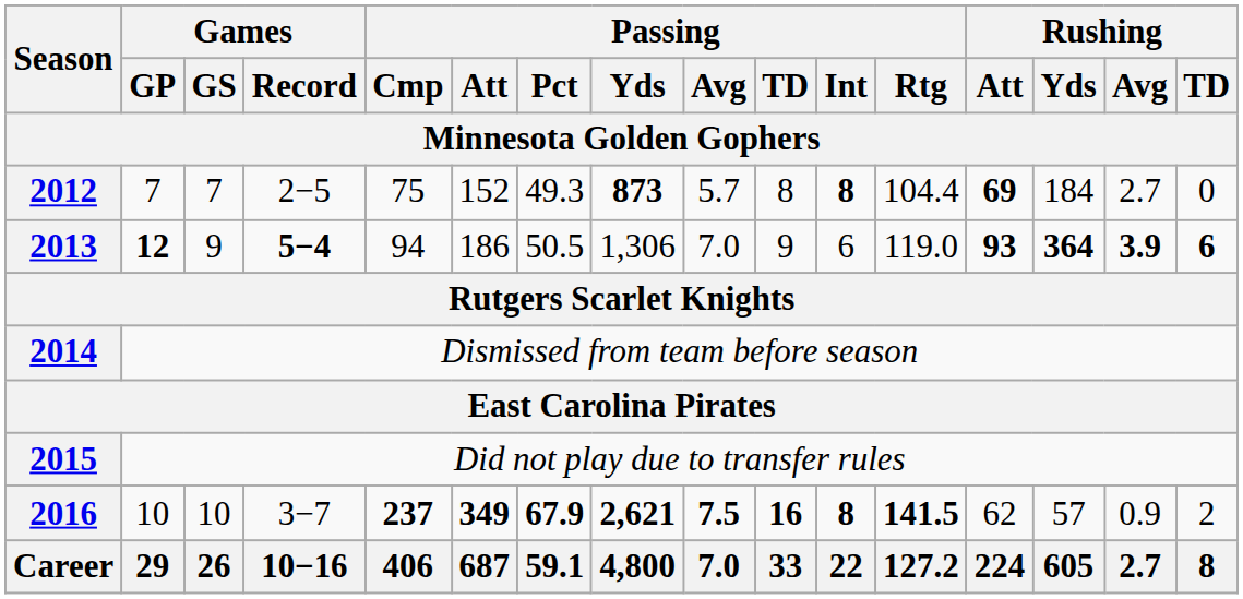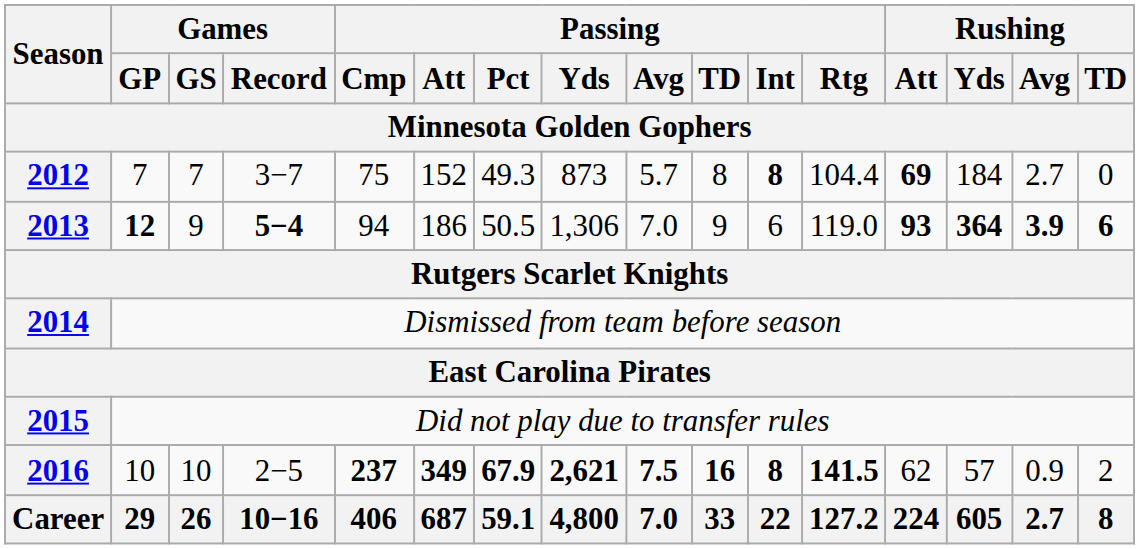 <table class="wikitable" style="text-align:center;">
 <tr>
 <th rowspan="2">Season</th>
 <th colspan="3">Games</th>
 <th colspan="8">Passing</th>
 <th colspan="5">Rushing</th>
 </tr>
 <tr>
 <th>GP</th>
 <th>GS</th>
 <th>Record</th>
 <th>Cmp</th>
 <th>Att</th>
 <th>Pct</th>
 <th>Yds</th>
 <th>Avg</th>
 <th>TD</th>
 <th>Int</th>
 <th>Rtg</th>
 <th>Att</th>
 <th>Yds</th>
 <th>Avg</th>
 <th>TD</th>
 </tr>
 <tr>
 <th colspan="16">Minnesota Golden Gophers</th>
 </tr>
 <tr>
 <th><a href='#'>2012</a></th>
 <td>7</td>
 <td>7</td>
-<td>2−5</td>
+<td>3−7</td>
 <td>75</td>
 <td>152</td>
 <td>49.3</td>
-<td><strong>873</strong></td>
+<td>873</td>
 <td>5.7</td>
 <td>8</td>
 <td><strong>8</strong></td>
 <td>104.4</td>
 <td><strong>69</strong></td>
 <td>184</td>
 <td>2.7</td>
 <td>0</td>
 </tr>
 <tr>
 <th><a href='#'>2013</a></th>
 <td><strong>12</strong></td>
 <td>9</td>
 <td><strong>5−4</strong></td>
 <td>94</td>
 <td>186</td>
 <td>50.5</td>
 <td>1,306</td>
 <td>7.0</td>
 <td>9</td>
 <td>6</td>
 <td>119.0</td>
 <td><strong>93</strong></td>
 <td><strong>364</strong></td>
 <td><strong>3.9</strong></td>
 <td><strong>6</strong></td>
 </tr>
 <tr>
 <th colspan="16">Rutgers Scarlet Knights</th>
 </tr>
 <tr>
 <th><a href='#'>2014</a></th>
 <td colspan="15"><em>Dismissed from team before season</em></td>
 </tr>
 <tr>
 <th colspan="16">East Carolina Pirates</th>
 </tr>
 <tr>
 <th><a href='#'>2015</a></th>
 <td colspan="15"><em>Did not play due to transfer rules</em></td>
 </tr>
 <tr>
 <th><a href='#'>2016</a></th>
 <td>10</td>
 <td>10</td>
-<td>3−7</td>
+<td>2−5</td>
 <td><strong>237</strong></td>
 <td><strong>349</strong></td>
 <td><strong>67.9</strong></td>
 <td><strong>2,621</strong></td>
 <td><strong>7.5</strong></td>
 <td><strong>16</strong></td>
 <td><strong>8</strong></td>
 <td><strong>141.5</strong></td>
 <td>62</td>
 <td>57</td>
 <td>0.9</td>
 <td>2</td>
 </tr>
 <tr>
 <th>Career</th>
 <th>29</th>
 <th>26</th>
 <th>10−16</th>
 <th>406</th>
 <th>687</th>
 <th>59.1</th>
 <th>4,800</th>
 <th>7.0</th>
 <th>33</th>
 <th>22</th>
 <th>127.2</th>
 <th>224</th>
 <th>605</th>
 <th>2.7</th>
 <th>8</th>
 </tr>
 </table>
